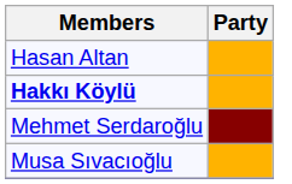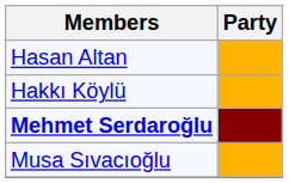 <table class=wikitable style="border:1px solid #8888aa; background-color:#f7f8ff; padding:0px; font-size:90%;">
 <tr>
 <th>Members</th>
 <th colspan="2">Party</th>
 </tr>
 <tr>
 <td><a href='#'>Hasan Altan</a></td>
 <td style="background: #ffb300"></td>
 </tr>
 <tr>
-<td><strong><a href='#'>Hakkı Köylü</a></strong></td>
+<td><a href='#'>Hakkı Köylü</a></td>
 <td style="background: #ffb300"></td>
 </tr>
 <tr>
-<td><a href='#'>Mehmet Serdaroğlu</a></td>
+<td><strong><a href='#'>Mehmet Serdaroğlu</a></strong></td>
 <td style="background: #870000"></td>
 </tr>
 <tr>
 <td><a href='#'>Musa Sıvacıoğlu</a></td>
 <td style="background: #ffb300"></td>
 </tr>
 <tr>
 </tr>
 </table>
